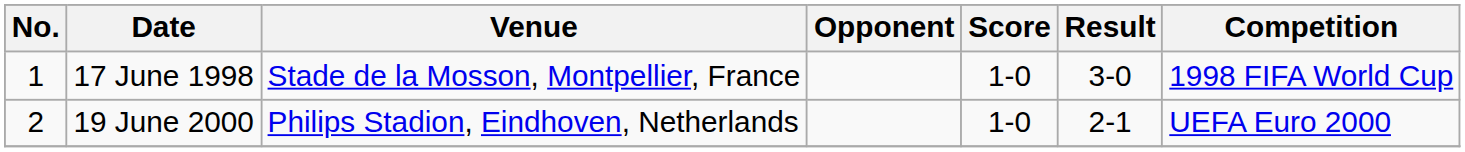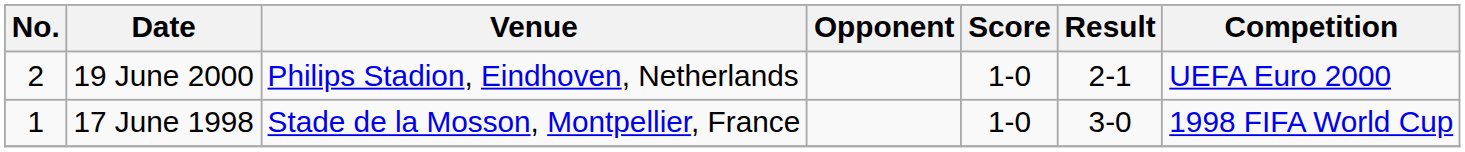 <table class="wikitable sortable">
 <tr>
 <th scope="col">No.</th>
 <th scope="col">Date</th>
 <th scope="col">Venue</th>
 <th scope="col">Opponent</th>
 <th scope="col">Score</th>
 <th scope="col">Result</th>
 <th scope="col">Competition</th>
 </tr>
 <tr>
+<td align="center">2</td>
+<td>19 June 2000</td>
+<td><a href='#'>Philips Stadion</a>, <a href='#'>Eindhoven</a>, Netherlands</td>
+<td></td>
+<td align="center">1-0</td>
+<td align="center">2-1</td>
+<td><a href='#'>UEFA Euro 2000</a></td>
+</tr>
+<tr>
 <td align="center">1</td>
 <td>17 June 1998</td>
 <td><a href='#'>Stade de la Mosson</a>, <a href='#'>Montpellier</a>, France</td>
 <td></td>
 <td align="center">1-0</td>
 <td align="center">3-0</td>
 <td><a href='#'>1998 FIFA World Cup</a></td>
 </tr>
 <tr>
-<td align="center">2</td>
-<td>19 June 2000</td>
-<td><a href='#'>Philips Stadion</a>, <a href='#'>Eindhoven</a>, Netherlands</td>
-<td></td>
-<td align="center">1-0</td>
-<td align="center">2-1</td>
-<td><a href='#'>UEFA Euro 2000</a></td>
-</tr>
-<tr>
 </tr>
 </table>
